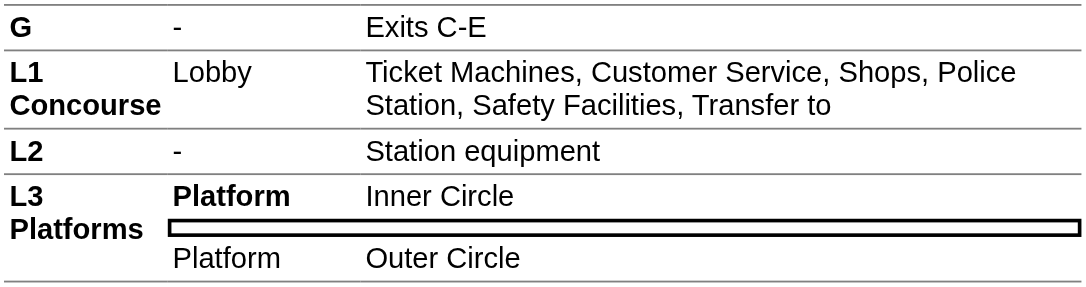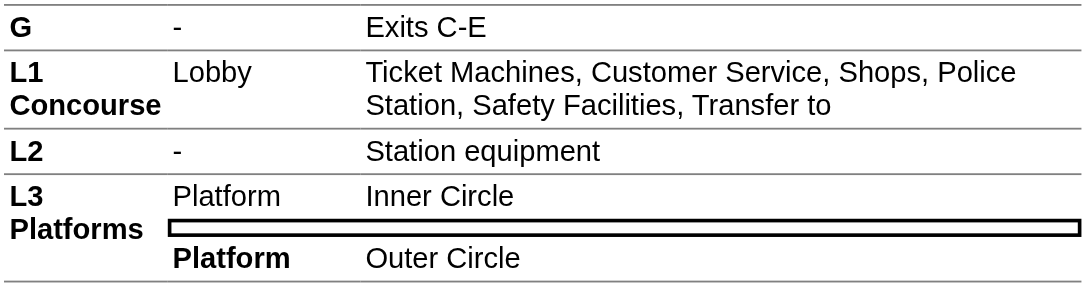 <table table border=0 cellspacing=0 cellpadding=3>
 <tr>
 <td style="border-top:solid 1px gray;" valign=top><strong>G</strong></td>
 <td style="border-top:solid 1px gray;" valign=top>-</td>
 <td style="border-top:solid 1px gray;" valign=top>Exits C-E</td>
 </tr>
 <tr>
 <td style="border-bottom:solid 1px gray; border-top:solid 1px gray;" valign=top width=50><strong>L1<br>Concourse</strong></td>
 <td style="border-bottom:solid 1px gray; border-top:solid 1px gray;" valign=top width=100> Lobby</td>
 <td style="border-bottom:solid 1px gray; border-top:solid 1px gray;" valign=top width=390>Ticket Machines, Customer Service, Shops, Police Station, Safety Facilities, Transfer to </td>
 </tr>
 <tr>
 <td style="border-bottom:solid 1px gray;" width=50 valign=top><strong>L2</strong></td>
 <td style="border-bottom:solid 1px gray;" width=100 valign=top>-</td>
 <td style="border-bottom:solid 1px gray;" width=390 valign=top>Station equipment</td>
 </tr>
 <tr>
 <td style="border-bottom:solid 1px gray;" rowspan=3 valign=top><strong>L3<br>Platforms</strong></td>
-<td><strong>Platform </strong></td>
+<td>Platform </td>
 <td>  Inner Circle </td>
 </tr>
 <tr>
 <td style="border-right:solid 2px black;border-left:solid 2px black;border-top:solid 2px black;border-bottom:solid 2px black;text-align:center;" colspan=2></td>
 </tr>
 <tr>
-<td style="border-bottom:solid 1px gray;">Platform </td>
+<td style="border-bottom:solid 1px gray;"><strong>Platform </strong></td>
 <td style="border-bottom:solid 1px gray;"> Outer Circle  </td>
 </tr>
 </table>
